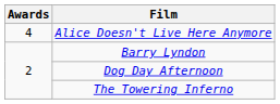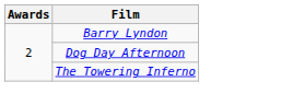 <table class="wikitable" style="text-align:center;">
 <tr>
 <th style="background:">Awards</th>
 <th style="background:">Film</th>
-</tr>
-<tr>
-<td>4</td>
-<td><em><a href='#'>Alice Doesn't Live Here Anymore</a></em></td>
 </tr>
 <tr>
 <td rowspan="3">2</td>
 <td><em><a href='#'>Barry Lyndon</a></em></td>
 </tr>
 <tr>
 <td><em><a href='#'>Dog Day Afternoon</a></em></td>
 </tr>
 <tr>
 <td><em><a href='#'>The Towering Inferno</a></em></td>
 </tr>
 </table>
